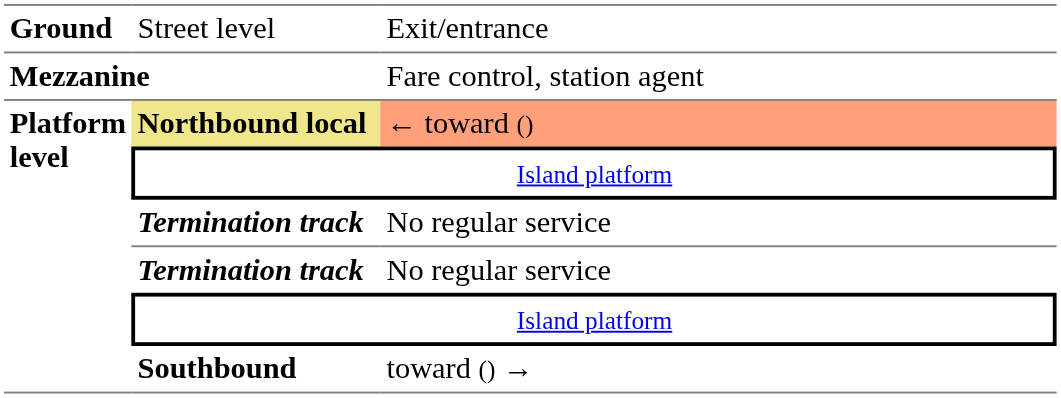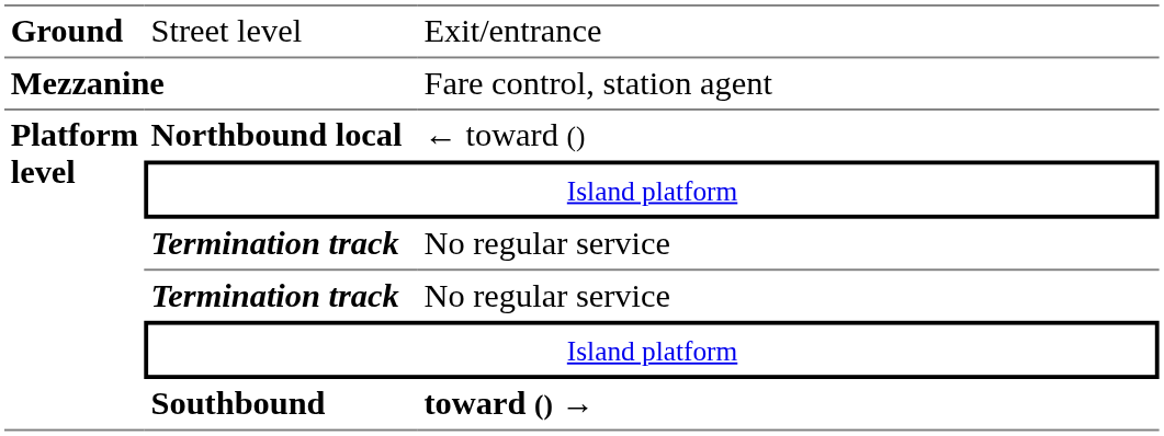 <table border=0 cellspacing=0 cellpadding=3>
 <tr>
 <td style="border-bottom:solid 1px gray;border-top:solid 1px gray;" width=50><strong>Ground</strong></td>
 <td style="border-top:solid 1px gray;border-bottom:solid 1px gray;" width=125>Street level</td>
 <td style="border-top:solid 1px gray;border-bottom:solid 1px gray;" width=350>Exit/entrance</td>
 </tr>
 <tr>
 <td colspan=2><strong>Mezzanine</strong></td>
 <td>Fare control, station agent</td>
 </tr>
 <tr>
 <td style="border-top:solid 1px gray;border-bottom:solid 1px gray;" rowspan=6 valign=top><strong>Platform level</strong></td>
-<td style="background: khaki; border-bottom:solid 0px gray;border-top:solid 1px gray;"><span><strong>Northbound local</strong></span></td>
-<td style="background: lightsalmon; border-bottom:solid 0px gray;border-top:solid 1px gray;">←  toward  <small>()</small></td>
+<td style="border-bottom:solid 0px gray;border-top:solid 1px gray;"><span><strong>Northbound local</strong></span></td>
+<td style="border-bottom:solid 0px gray;border-top:solid 1px gray;">←  toward  <small>()</small></td>
 </tr>
 <tr>
 <td style="border-bottom:solid 2px black;border-top:solid 2px black;border-right:solid 2px black;border-left:solid 2px black;text-align:center;" colspan=2><small><a href='#'>Island platform</a></small></td>
 </tr>
 <tr>
 <td style="border-bottom:solid 1px gray;"><span><strong><em>Termination track</em></strong></span></td>
 <td style="border-bottom:solid 1px gray;"> No regular service</td>
 </tr>
 <tr>
 <td><span><strong><em>Termination track</em></strong></span></td>
 <td> No regular service</td>
 </tr>
 <tr>
 <td style="border-bottom:solid 2px black;border-top:solid 2px black;border-right:solid 2px black;border-left:solid 2px black;text-align:center;" colspan=2><small><a href='#'>Island platform</a></small></td>
 </tr>
 <tr>
 <td style="border-bottom:solid 1px gray;"><span><strong>Southbound </strong></span></td>
-<td style="border-bottom:solid 1px gray;">  toward  <small>()</small> →</td>
+<td style="border-bottom:solid 1px gray;"><strong>  toward  <small>()</small> →</strong></td>
 </tr>
 </table>
